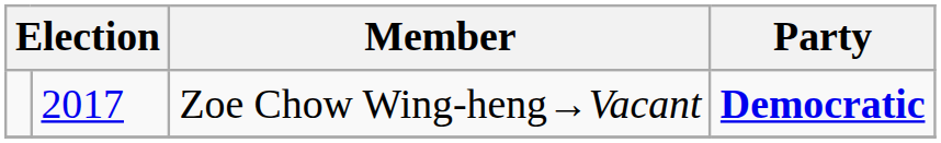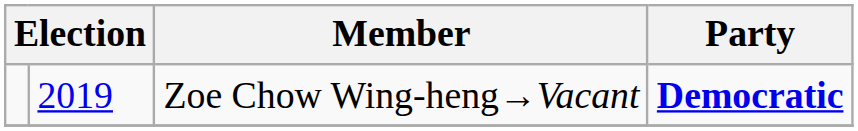 <table class="wikitable">
 <tr>
 <th colspan="2">Election</th>
 <th>Member</th>
 <th>Party</th>
 </tr>
 <tr>
 <td style="color:inherit;background:"></td>
-<td><a href='#'>2017</a></td>
+<td><a href='#'>2019</a></td>
 <td>Zoe Chow Wing-heng→<em>Vacant</em></td>
 <td><strong><a href='#'>Democratic</a></strong></td>
 </tr>
 <tr>
 </tr>
 </table>
